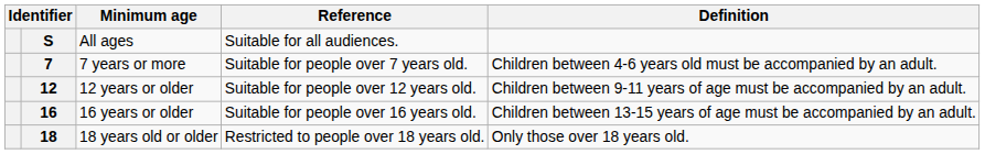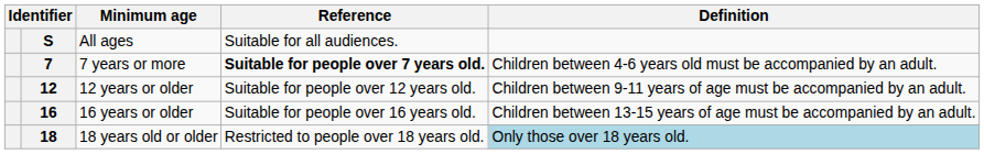 <table class="wikitable">
 <tr>
 <th colspan="2">Identifier</th>
 <th>Minimum age</th>
 <th>Reference</th>
 <th>Definition</th>
 </tr>
 <tr>
 <th></th>
 <th>S</th>
 <td>All ages</td>
 <td>Suitable for all audiences.</td>
 <td></td>
 </tr>
 <tr>
 <th></th>
 <th>7</th>
 <td>7 years or more</td>
-<td>Suitable for people over 7 years old.</td>
+<td><strong>Suitable for people over 7 years old.</strong></td>
 <td>Children between 4-6 years old must be accompanied by an adult.</td>
 </tr>
 <tr>
 <th></th>
 <th>12</th>
 <td>12 years or older</td>
 <td>Suitable for people over 12 years old.</td>
 <td>Children between 9-11 years of age must be accompanied by an adult.</td>
 </tr>
 <tr>
 <th></th>
 <th>16</th>
 <td>16 years or older</td>
 <td>Suitable for people over 16 years old.</td>
 <td>Children between 13-15 years of age must be accompanied by an adult.</td>
 </tr>
 <tr>
 <th></th>
 <th>18</th>
 <td>18 years old or older</td>
 <td>Restricted to people over 18 years old.</td>
-<td>Only those over 18 years old.</td>
+<td style="background: lightblue;">Only those over 18 years old.</td>
 </tr>
 </table>
